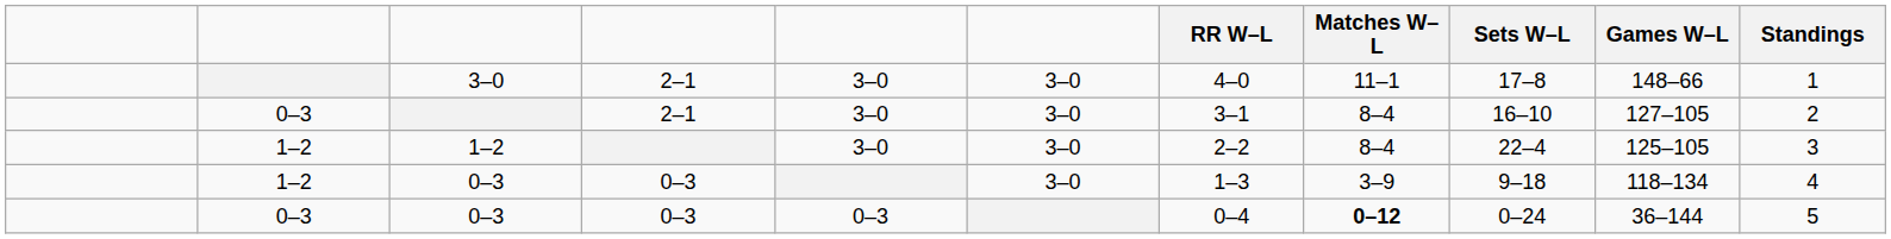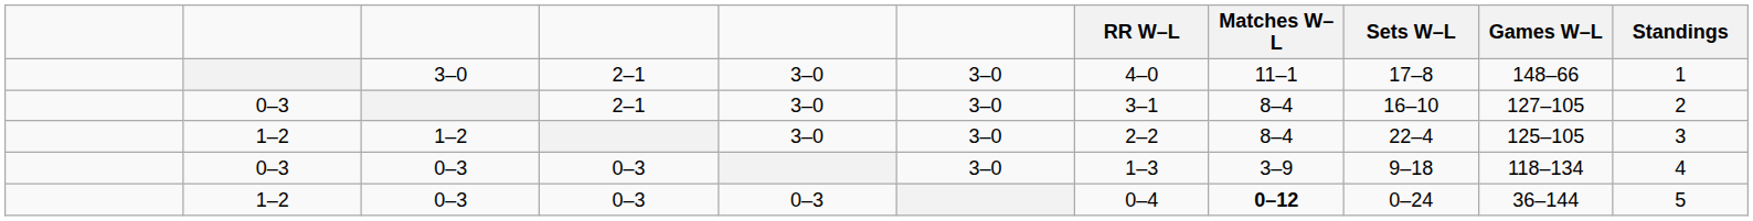 <table class="wikitable" style="width: 100%; text-align:center; font-size:90%">
 <tr>
 <td width=108></td>
 <td width=108></td>
 <td width=108></td>
 <td width=108></td>
 <td width=108></td>
 <td width=108></td>
 <th width=80>RR W–L</th>
 <th width=80>Matches W–L</th>
 <th width=80>Sets W–L</th>
 <th width=80>Games W–L</th>
 <th width=80>Standings</th>
 </tr>
 <tr>
 <td style="text-align:left;"></td>
 <th bgcolor="ededed"></th>
 <td>3–0</td>
 <td>2–1</td>
 <td>3–0</td>
 <td>3–0</td>
 <td>4–0</td>
 <td>11–1</td>
 <td>17–8</td>
 <td>148–66</td>
 <td>1</td>
 </tr>
 <tr>
 <td style="text-align:left;"></td>
 <td>0–3</td>
 <th bgcolor="ededed"></th>
 <td>2–1</td>
 <td>3–0</td>
 <td>3–0</td>
 <td>3–1</td>
 <td>8–4</td>
 <td>16–10</td>
 <td>127–105</td>
 <td>2</td>
 </tr>
 <tr>
 <td style="text-align:left;"></td>
 <td>1–2</td>
 <td>1–2</td>
 <th bgcolor="ededed"></th>
 <td>3–0</td>
 <td>3–0</td>
 <td>2–2</td>
 <td>8–4</td>
 <td>22–4</td>
 <td>125–105</td>
 <td>3</td>
 </tr>
 <tr>
 <td style="text-align:left;"></td>
-<td>1–2</td>
+<td>0–3</td>
 <td>0–3</td>
 <td>0–3</td>
 <th bgcolor="ededed"></th>
 <td>3–0</td>
 <td>1–3</td>
 <td>3–9</td>
 <td>9–18</td>
 <td>118–134</td>
 <td>4</td>
 </tr>
 <tr>
 <td style="text-align:left;"></td>
-<td>0–3</td>
+<td>1–2</td>
 <td>0–3</td>
 <td>0–3</td>
 <td>0–3</td>
 <th bgcolor="ededed"></th>
 <td>0–4</td>
 <td><strong>0–12</strong></td>
 <td>0–24</td>
 <td>36–144</td>
 <td>5</td>
 </tr>
 </table>
